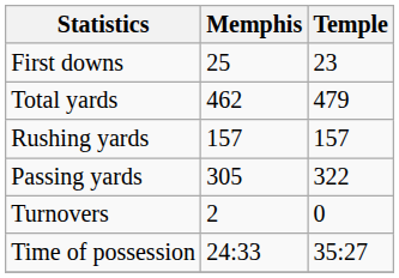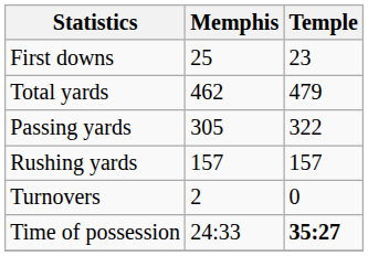 <table class="wikitable">
 <tr>
 <th>Statistics</th>
 <th>Memphis</th>
 <th>Temple</th>
 </tr>
 <tr>
 <td>First downs</td>
 <td>25</td>
 <td>23</td>
 </tr>
 <tr>
 <td>Total yards</td>
 <td>462</td>
 <td>479</td>
 </tr>
 <tr>
+<td>Passing yards</td>
+<td>305</td>
+<td>322</td>
+</tr>
+<tr>
 <td>Rushing yards</td>
 <td>157</td>
 <td>157</td>
-</tr>
-<tr>
-<td>Passing yards</td>
-<td>305</td>
-<td>322</td>
 </tr>
 <tr>
 <td>Turnovers</td>
 <td>2</td>
 <td>0</td>
 </tr>
 <tr>
 <td>Time of possession</td>
 <td>24:33</td>
-<td>35:27</td>
+<td><strong>35:27</strong></td>
 </tr>
 <tr>
 </tr>
 </table>
